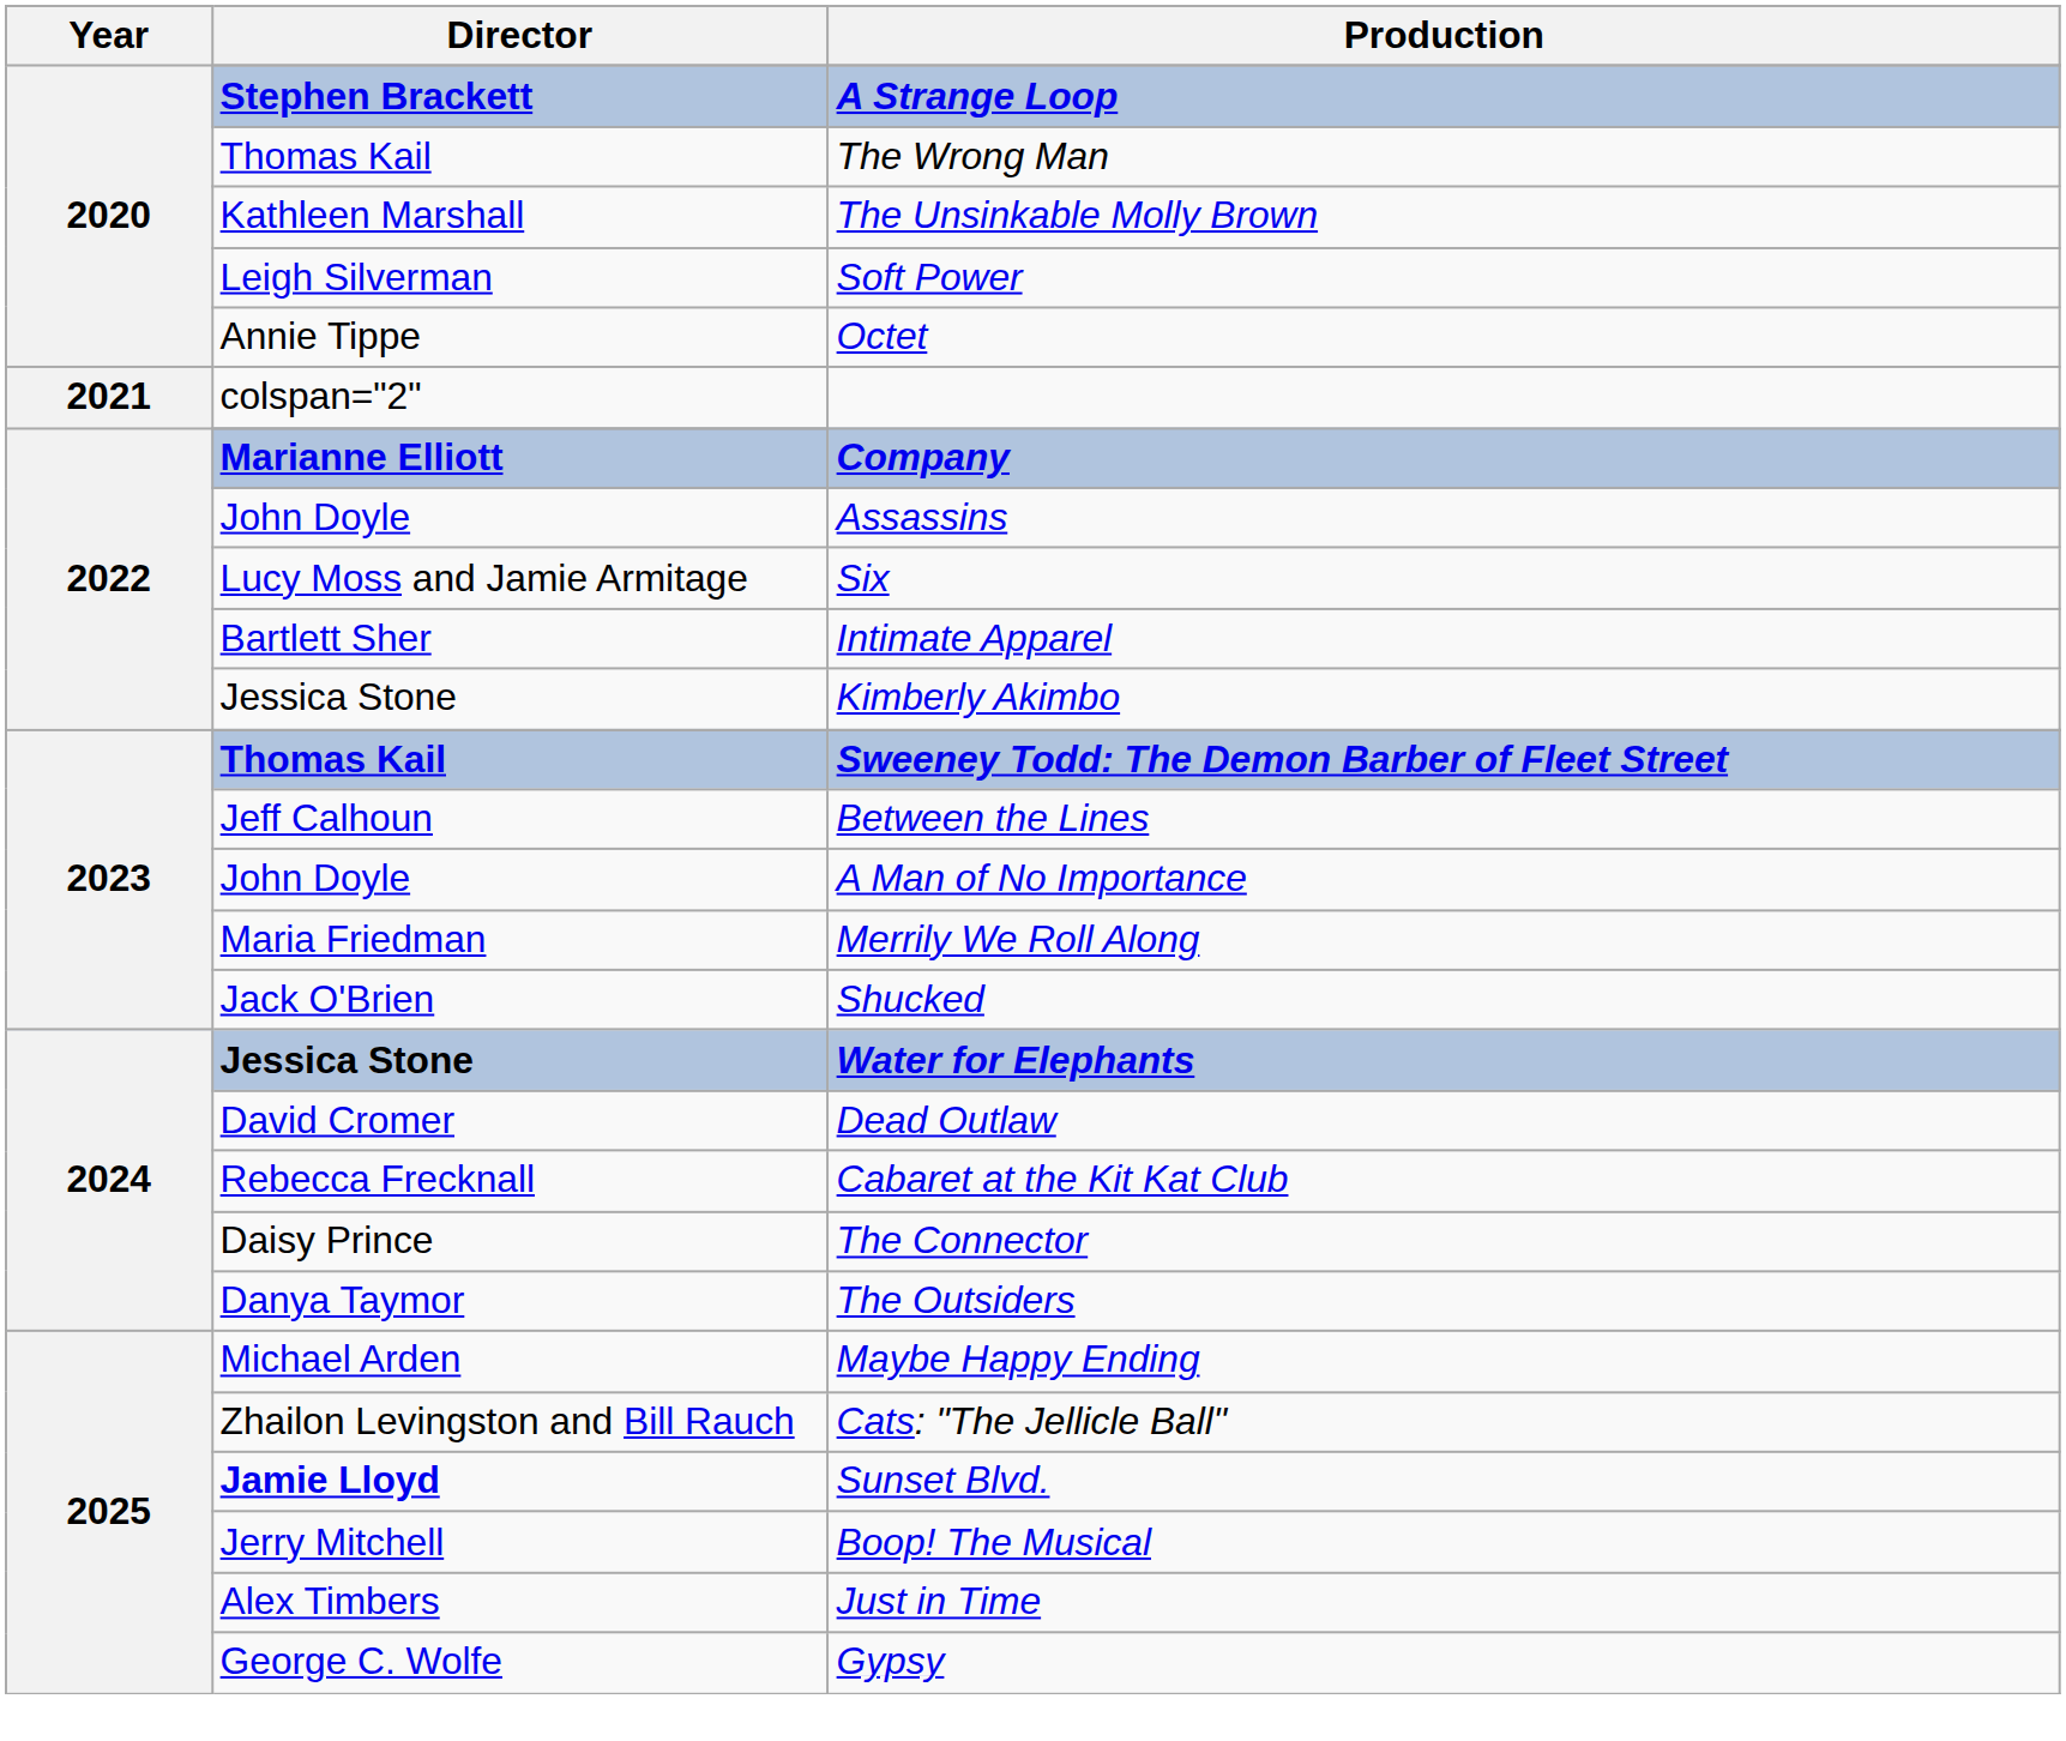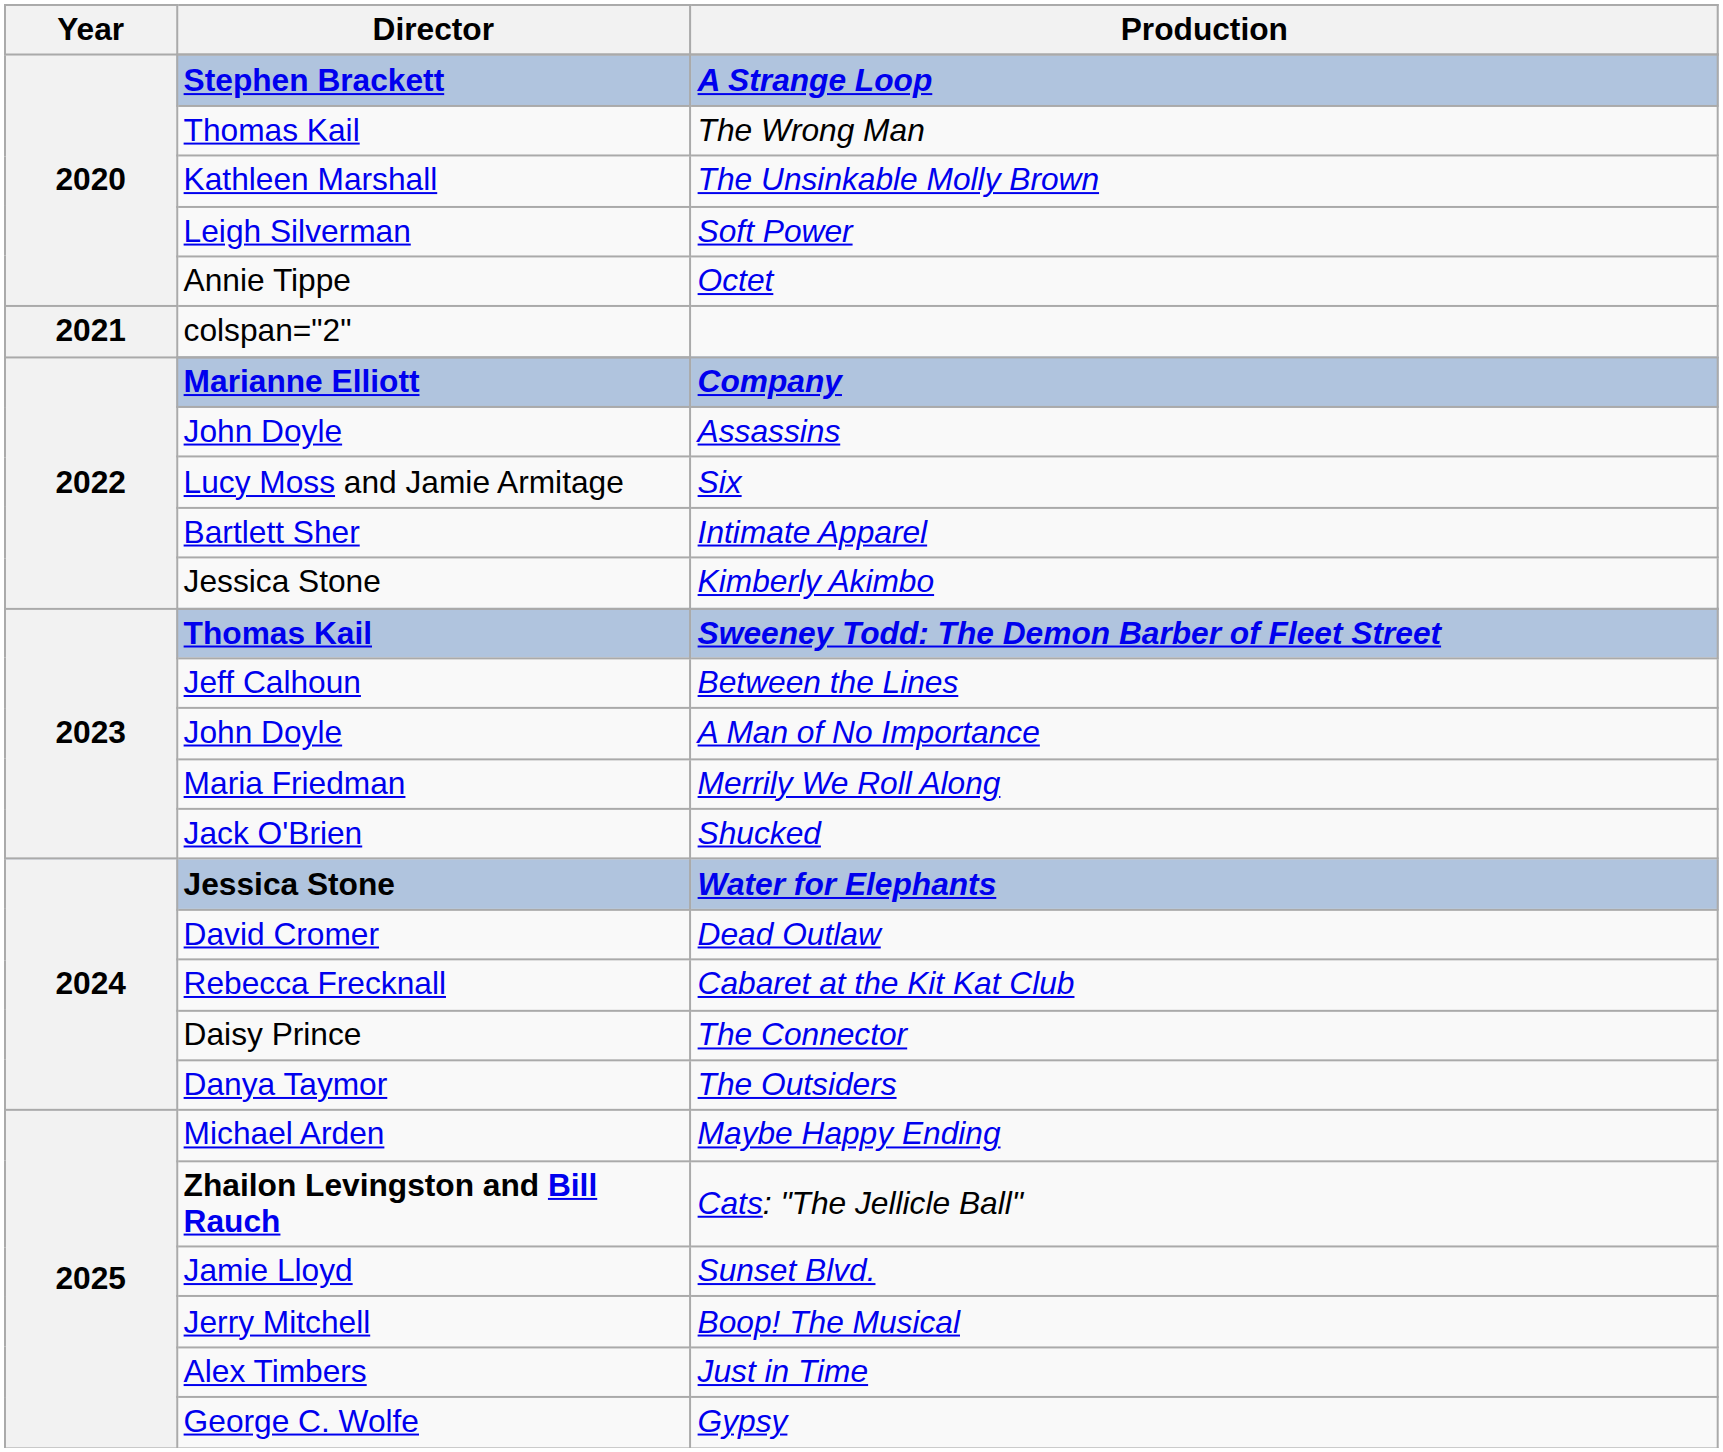 <table class="wikitable" style="width:98%;">
 <tr style="background:#bebebe;">
 <th style="width:10%;">Year</th>
 <th style="width:30%;">Director</th>
 <th style="width:60%;">Production</th>
 </tr>
 <tr>
 <th rowspan="6">2020</th>
 </tr>
 <tr style="background:#B0C4DE">
 <td><strong><a href='#'>Stephen Brackett</a></strong></td>
 <td><strong><em><a href='#'>A Strange Loop</a></em></strong></td>
 </tr>
 <tr>
 <td><a href='#'>Thomas Kail</a></td>
 <td><em>The Wrong Man</em></td>
 </tr>
 <tr>
 <td><a href='#'>Kathleen Marshall</a></td>
 <td><em><a href='#'>The Unsinkable Molly Brown</a></em></td>
 </tr>
 <tr>
 <td><a href='#'>Leigh Silverman</a></td>
 <td><em><a href='#'>Soft Power</a></em></td>
 </tr>
 <tr>
 <td>Annie Tippe</td>
 <td><em><a href='#'>Octet</a></em></td>
 </tr>
 <tr>
 <th>2021</th>
 <td>colspan="2" </td>
 </tr>
 <tr>
 <th rowspan="6">2022</th>
 </tr>
 <tr style="background:#B0C4DE">
 <td><strong><a href='#'>Marianne Elliott</a></strong></td>
 <td><strong><em><a href='#'>Company</a></em></strong></td>
 </tr>
 <tr>
 <td><a href='#'>John Doyle</a></td>
 <td><em><a href='#'>Assassins</a></em></td>
 </tr>
 <tr>
 <td><a href='#'>Lucy Moss</a> and Jamie Armitage</td>
 <td><em><a href='#'>Six</a></em></td>
 </tr>
 <tr>
 <td><a href='#'>Bartlett Sher</a></td>
 <td><em><a href='#'>Intimate Apparel</a></em></td>
 </tr>
 <tr>
 <td>Jessica Stone</td>
 <td><em><a href='#'>Kimberly Akimbo</a></em></td>
 </tr>
 <tr>
 <th rowspan="6">2023</th>
 </tr>
 <tr style="background:#B0C4DE">
 <td><strong><a href='#'>Thomas Kail</a></strong></td>
 <td><strong><em><a href='#'>Sweeney Todd: The Demon Barber of Fleet Street</a></em></strong></td>
 </tr>
 <tr>
 <td><a href='#'>Jeff Calhoun</a></td>
 <td><em><a href='#'>Between the Lines</a></em></td>
 </tr>
 <tr>
 <td><a href='#'>John Doyle</a></td>
 <td><em><a href='#'>A Man of No Importance</a></em></td>
 </tr>
 <tr>
 <td><a href='#'>Maria Friedman</a></td>
 <td><em><a href='#'>Merrily We Roll Along</a></em></td>
 </tr>
 <tr>
 <td><a href='#'>Jack O'Brien</a></td>
 <td><em><a href='#'>Shucked</a></em></td>
 </tr>
 <tr style="background:#B0C4DE">
 <th rowspan="5">2024</th>
 <td><strong>Jessica Stone</strong></td>
 <td><strong><em><a href='#'>Water for Elephants</a></em></strong></td>
 </tr>
 <tr>
 <td><a href='#'>David Cromer</a></td>
 <td><em><a href='#'>Dead Outlaw</a></em></td>
 </tr>
 <tr>
 <td><a href='#'>Rebecca Frecknall</a></td>
 <td><em><a href='#'>Cabaret at the Kit Kat Club</a></em></td>
 </tr>
 <tr>
 <td>Daisy Prince</td>
 <td><em><a href='#'>The Connector</a></em></td>
 </tr>
 <tr>
 <td><a href='#'>Danya Taymor</a></td>
 <td><em><a href='#'>The Outsiders</a></em></td>
 </tr>
 <tr>
 <th rowspan=6>2025</th>
 <td><a href='#'>Michael Arden</a></td>
 <td><em><a href='#'>Maybe Happy Ending</a></em></td>
 </tr>
 <tr>
-<td>Zhailon Levingston and <a href='#'>Bill Rauch</a></td>
+<td><strong>Zhailon Levingston and <a href='#'>Bill Rauch</a></strong></td>
 <td><em><a href='#'>Cats</a>: "The Jellicle Ball"</em></td>
 </tr>
 <tr>
-<td><strong><a href='#'>Jamie Lloyd</a></strong></td>
+<td><a href='#'>Jamie Lloyd</a></td>
 <td><em><a href='#'>Sunset Blvd.</a></em></td>
 </tr>
 <tr>
 <td><a href='#'>Jerry Mitchell</a></td>
 <td><em><a href='#'>Boop! The Musical</a></em></td>
 </tr>
 <tr>
 <td><a href='#'>Alex Timbers</a></td>
 <td><em><a href='#'>Just in Time</a></em></td>
 </tr>
 <tr>
 <td><a href='#'>George C. Wolfe</a></td>
 <td><em><a href='#'>Gypsy</a></em></td>
 </tr>
 </table>
